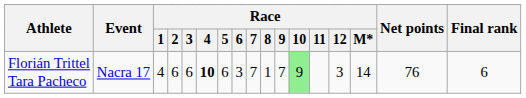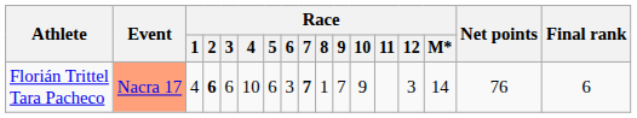 <table class="wikitable" style="font-size:90%">
 <tr>
 <th rowspan="2">Athlete</th>
 <th rowspan="2">Event</th>
 <th colspan=13>Race</th>
 <th rowspan=2>Net points</th>
 <th rowspan=2>Final rank</th>
 </tr>
 <tr style="font-size:95%">
 <th>1</th>
 <th>2</th>
 <th>3</th>
 <th>4</th>
 <th>5</th>
 <th>6</th>
 <th>7</th>
 <th>8</th>
 <th>9</th>
 <th>10</th>
 <th>11</th>
 <th>12</th>
 <th>M*</th>
 </tr>
 <tr align=center>
 <td align=left><a href='#'>Florián Trittel</a><br><a href='#'>Tara Pacheco</a></td>
-<td align=left><a href='#'>Nacra 17</a></td>
+<td align=left style="background: lightsalmon;"><a href='#'>Nacra 17</a></td>
 <td>4</td>
+<td><strong>6</strong></td>
 <td>6</td>
-<td>6</td>
-<td><strong>10</strong></td>
+<td>10</td>
 <td>6</td>
 <td>3</td>
-<td>7</td>
+<td><strong>7</strong></td>
 <td>1</td>
 <td>7</td>
-<td style="background: lightgreen;">9</td>
+<td>9</td>
 <td></td>
 <td>3</td>
 <td>14</td>
 <td>76</td>
 <td>6</td>
 </tr>
 </table>
